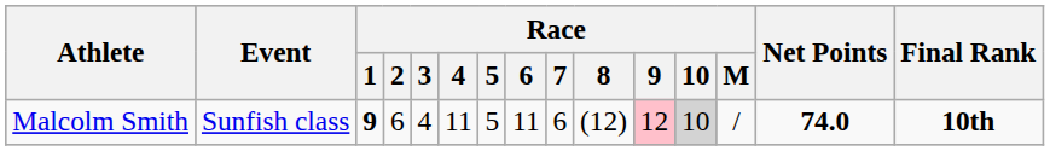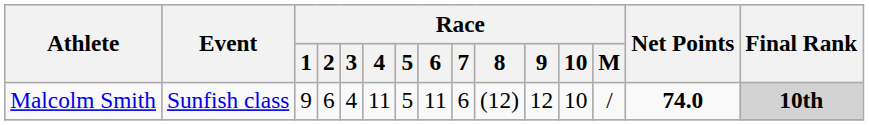 <table class="wikitable" border="1" style="font-size:90%">
 <tr>
 <th rowspan=2>Athlete</th>
 <th rowspan=2>Event</th>
 <th colspan=11>Race</th>
 <th rowspan=2>Net Points</th>
 <th rowspan=2>Final Rank</th>
 </tr>
 <tr>
 <th>1</th>
 <th>2</th>
 <th>3</th>
 <th>4</th>
 <th>5</th>
 <th>6</th>
 <th>7</th>
 <th>8</th>
 <th>9</th>
 <th>10</th>
 <th>M</th>
 </tr>
 <tr align=center>
 <td align=left><a href='#'>Malcolm Smith</a></td>
 <td align=left><a href='#'>Sunfish class</a></td>
-<td align=center><strong>9</strong></td>
+<td align=center>9</td>
 <td align=center>6</td>
 <td align=center>4</td>
 <td align=center>11</td>
 <td align=center>5</td>
 <td align=center>11</td>
 <td align=center>6</td>
 <td align=center>(12)</td>
-<td align=center style="background: pink;">12</td>
-<td align=center style="background: lightgrey;">10</td>
+<td align=center>12</td>
+<td align=center>10</td>
 <td align=center>/</td>
 <td align=center><strong>74.0</strong></td>
-<td align=center><strong>10th</strong></td>
+<td align=center style="background: lightgrey;"><strong>10th</strong></td>
 </tr>
 </table>
